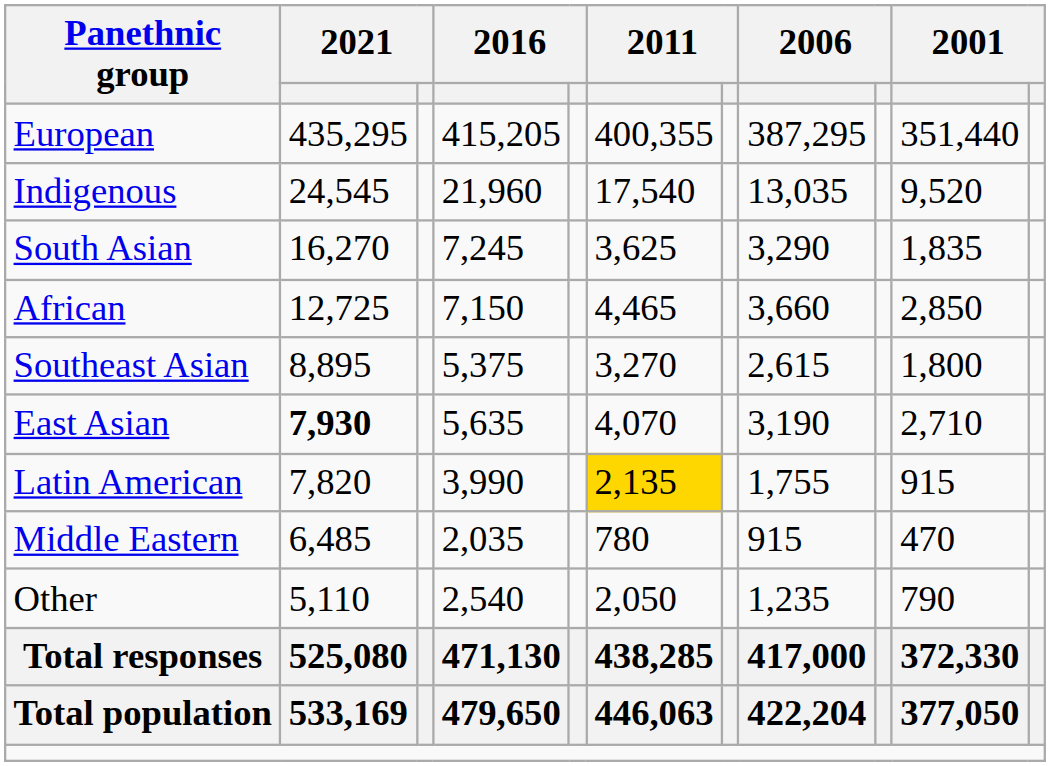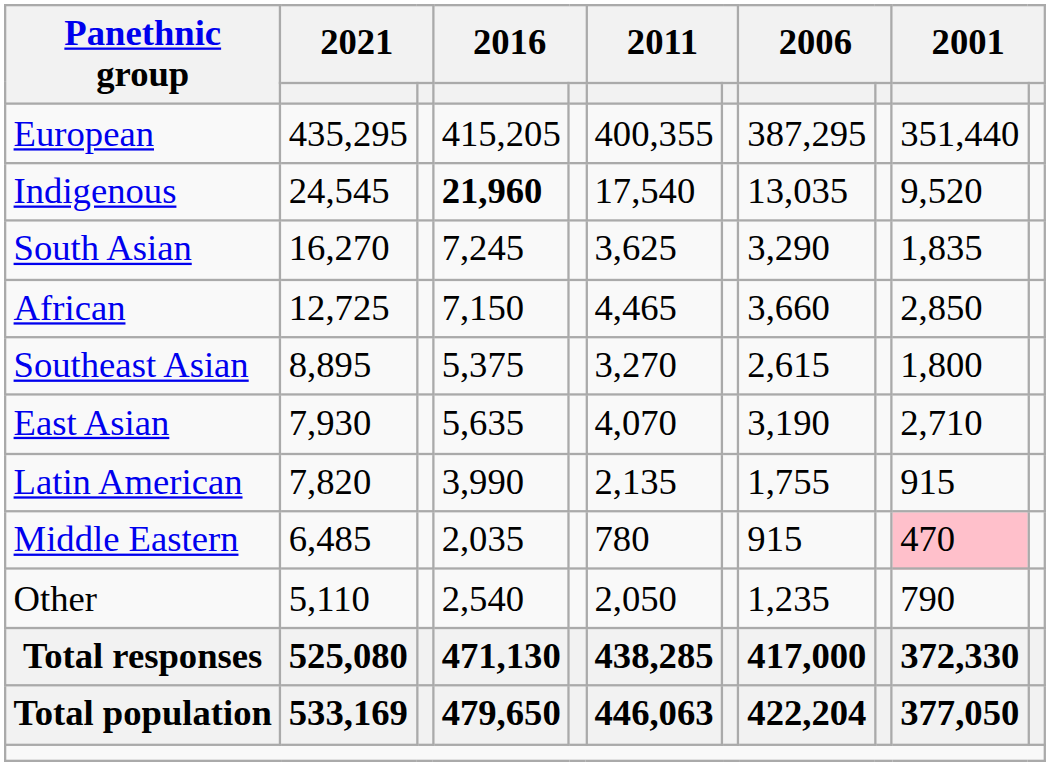 <table class="wikitable collapsible sortable">
 <tr>
 <th rowspan="2"><a href='#'>Panethnic</a><br>group</th>
 <th colspan="2">2021</th>
 <th colspan="2">2016</th>
 <th colspan="2">2011</th>
 <th colspan="2">2006</th>
 <th colspan="2">2001</th>
 </tr>
 <tr>
 <th><a href='#'></a></th>
 <th></th>
 <th></th>
 <th></th>
 <th></th>
 <th></th>
 <th></th>
 <th></th>
 <th></th>
 <th></th>
 </tr>
 <tr>
 <td><a href='#'>European</a></td>
 <td>435,295</td>
 <td></td>
 <td>415,205</td>
 <td></td>
 <td>400,355</td>
 <td></td>
 <td>387,295</td>
 <td></td>
 <td>351,440</td>
 <td></td>
 </tr>
 <tr>
 <td><a href='#'>Indigenous</a></td>
 <td>24,545</td>
 <td></td>
-<td>21,960</td>
+<td><strong>21,960</strong></td>
 <td></td>
 <td>17,540</td>
 <td></td>
 <td>13,035</td>
 <td></td>
 <td>9,520</td>
 <td></td>
 </tr>
 <tr>
 <td><a href='#'>South Asian</a></td>
 <td>16,270</td>
 <td></td>
 <td>7,245</td>
 <td></td>
 <td>3,625</td>
 <td></td>
 <td>3,290</td>
 <td></td>
 <td>1,835</td>
 <td></td>
 </tr>
 <tr>
 <td><a href='#'>African</a></td>
 <td>12,725</td>
 <td></td>
 <td>7,150</td>
 <td></td>
 <td>4,465</td>
 <td></td>
 <td>3,660</td>
 <td></td>
 <td>2,850</td>
 <td></td>
 </tr>
 <tr>
 <td><a href='#'>Southeast Asian</a></td>
 <td>8,895</td>
 <td></td>
 <td>5,375</td>
 <td></td>
 <td>3,270</td>
 <td></td>
 <td>2,615</td>
 <td></td>
 <td>1,800</td>
 <td></td>
 </tr>
 <tr>
 <td><a href='#'>East Asian</a></td>
-<td><strong>7,930</strong></td>
+<td>7,930</td>
 <td></td>
 <td>5,635</td>
 <td></td>
 <td>4,070</td>
 <td></td>
 <td>3,190</td>
 <td></td>
 <td>2,710</td>
 <td></td>
 </tr>
 <tr>
 <td><a href='#'>Latin American</a></td>
 <td>7,820</td>
 <td></td>
 <td>3,990</td>
 <td></td>
-<td style="background: gold;">2,135</td>
+<td>2,135</td>
 <td></td>
 <td>1,755</td>
 <td></td>
 <td>915</td>
 <td></td>
 </tr>
 <tr>
 <td><a href='#'>Middle Eastern</a></td>
 <td>6,485</td>
 <td></td>
 <td>2,035</td>
 <td></td>
 <td>780</td>
 <td></td>
 <td>915</td>
 <td></td>
-<td>470</td>
+<td style="background: pink;">470</td>
 <td></td>
 </tr>
 <tr>
 <td>Other</td>
 <td>5,110</td>
 <td></td>
 <td>2,540</td>
 <td></td>
 <td>2,050</td>
 <td></td>
 <td>1,235</td>
 <td></td>
 <td>790</td>
 <td></td>
 </tr>
 <tr>
 <th>Total responses</th>
 <th>525,080</th>
 <th></th>
 <th>471,130</th>
 <th></th>
 <th>438,285</th>
 <th></th>
 <th>417,000</th>
 <th></th>
 <th>372,330</th>
 <th></th>
 </tr>
 <tr>
 <th>Total population</th>
 <th>533,169</th>
 <th></th>
 <th>479,650</th>
 <th></th>
 <th>446,063</th>
 <th></th>
 <th>422,204</th>
 <th></th>
 <th>377,050</th>
 <th></th>
 </tr>
 <tr class="sortbottom">
 <td colspan="15"></td>
 </tr>
 </table>
